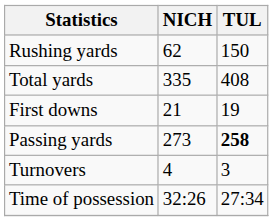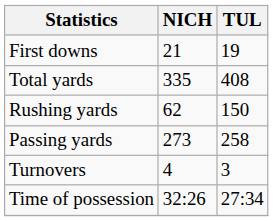 <table class="wikitable" style="float: left;">
 <tr>
 <th>Statistics</th>
 <th>NICH</th>
 <th>TUL</th>
 </tr>
 <tr>
-<td>Rushing yards</td>
-<td>62</td>
-<td>150</td>
+<td>First downs</td>
+<td>21</td>
+<td>19</td>
 </tr>
 <tr>
 <td>Total yards</td>
 <td>335</td>
 <td>408</td>
 </tr>
 <tr>
-<td>First downs</td>
-<td>21</td>
-<td>19</td>
+<td>Rushing yards</td>
+<td>62</td>
+<td>150</td>
 </tr>
 <tr>
 <td>Passing yards</td>
 <td>273</td>
-<td><strong>258</strong></td>
+<td>258</td>
 </tr>
 <tr>
 <td>Turnovers</td>
 <td>4</td>
 <td>3</td>
 </tr>
 <tr>
 <td>Time of possession</td>
 <td>32:26</td>
 <td>27:34</td>
 </tr>
 <tr>
 </tr>
 </table>
